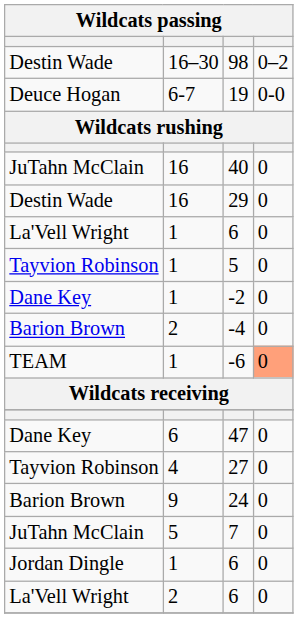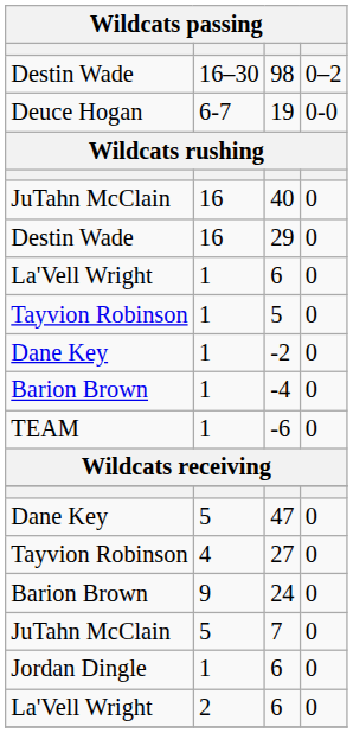 <table class="wikitable plainrowheaders">
 <tr>
 <th colspan="6">Wildcats passing</th>
 </tr>
 <tr>
 <th scope="col"></th>
 <th scope="col"></th>
 <th scope="col"></th>
 <th scope="col"></th>
 </tr>
 <tr>
 <td>Destin Wade</td>
 <td>16–30</td>
 <td>98</td>
 <td>0–2</td>
 </tr>
 <tr>
 <td>Deuce Hogan</td>
 <td>6-7</td>
 <td>19</td>
 <td>0-0</td>
 </tr>
 <tr>
 <th colspan="6">Wildcats rushing</th>
 </tr>
 <tr>
 <th scope="col"></th>
 <th scope="col"></th>
 <th scope="col"></th>
 <th scope="col"></th>
 </tr>
 <tr>
 <td>JuTahn McClain</td>
 <td>16</td>
 <td>40</td>
 <td>0</td>
 </tr>
 <tr>
 <td>Destin Wade</td>
 <td>16</td>
 <td>29</td>
 <td>0</td>
 </tr>
 <tr>
 <td>La'Vell Wright</td>
 <td>1</td>
 <td>6</td>
 <td>0</td>
 </tr>
 <tr>
 <td><a href='#'>Tayvion Robinson</a></td>
 <td>1</td>
 <td>5</td>
 <td>0</td>
 </tr>
 <tr>
 <td><a href='#'>Dane Key</a></td>
 <td>1</td>
 <td>-2</td>
 <td>0</td>
 </tr>
 <tr>
 <td><a href='#'>Barion Brown</a></td>
-<td>2</td>
+<td>1</td>
 <td>-4</td>
 <td>0</td>
 </tr>
 <tr>
 <td>TEAM</td>
 <td>1</td>
 <td>-6</td>
-<td style="background: lightsalmon;">0</td>
+<td>0</td>
 </tr>
 <tr>
 <th colspan="6">Wildcats receiving</th>
 </tr>
 <tr>
 </tr>
 <tr>
 <th scope="col"></th>
 <th scope="col"></th>
 <th scope="col"></th>
 <th scope="col"></th>
 </tr>
 <tr>
 <td>Dane Key</td>
-<td>6</td>
+<td>5</td>
 <td>47</td>
 <td>0</td>
 </tr>
 <tr>
 <td>Tayvion Robinson</td>
 <td>4</td>
 <td>27</td>
 <td>0</td>
 </tr>
 <tr>
 <td>Barion Brown</td>
 <td>9</td>
 <td>24</td>
 <td>0</td>
 </tr>
 <tr>
 <td>JuTahn McClain</td>
 <td>5</td>
 <td>7</td>
 <td>0</td>
 </tr>
 <tr>
 <td>Jordan Dingle</td>
 <td>1</td>
 <td>6</td>
 <td>0</td>
 </tr>
 <tr>
 <td>La'Vell Wright</td>
 <td>2</td>
 <td>6</td>
 <td>0</td>
 </tr>
 <tr>
 </tr>
 </table>
